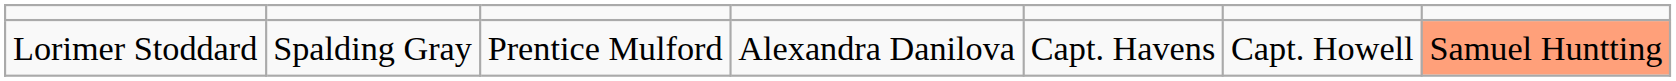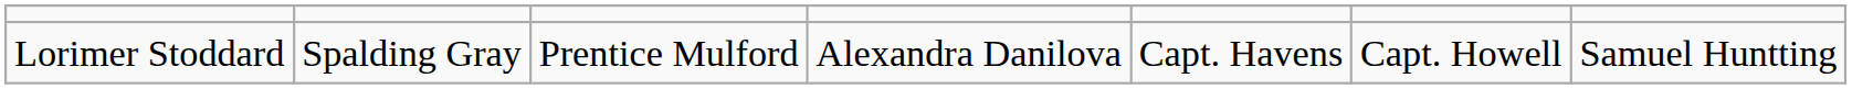 <table class="wikitable">
 <tr>
 <td></td>
 <td></td>
 <td></td>
 <td></td>
 <td></td>
 <td></td>
 <td></td>
 </tr>
 <tr>
 <td>Lorimer Stoddard</td>
 <td>Spalding Gray</td>
 <td>Prentice Mulford</td>
 <td>Alexandra Danilova</td>
 <td>Capt. Havens</td>
 <td>Capt. Howell</td>
-<td style="background: lightsalmon;">Samuel Huntting</td>
+<td>Samuel Huntting</td>
 </tr>
 </table>
